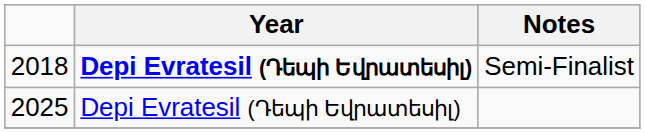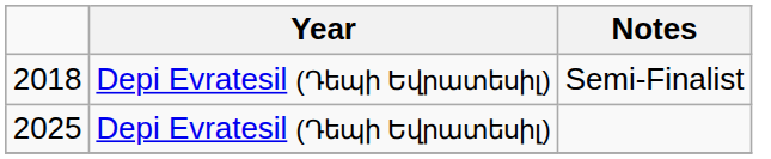 <table class="wikitable sortable">
 <tr>
 <td></td>
 <th>Year</th>
 <th class="unsortable">Notes</th>
 </tr>
 <tr>
 <td>2018</td>
-<td><strong><a href='#'>Depi Evratesil</a> <small>(Դեպի Եվրատեսիլ)</small></strong></td>
+<td><a href='#'>Depi Evratesil</a> <small>(Դեպի Եվրատեսիլ)</small></td>
 <td>Semi-Finalist</td>
 </tr>
 <tr>
 <td>2025</td>
 <td><a href='#'>Depi Evratesil</a> <small> (Դեպի Եվրատեսիլ)</small></td>
 <td></td>
 </tr>
 <tr>
 </tr>
 </table>
